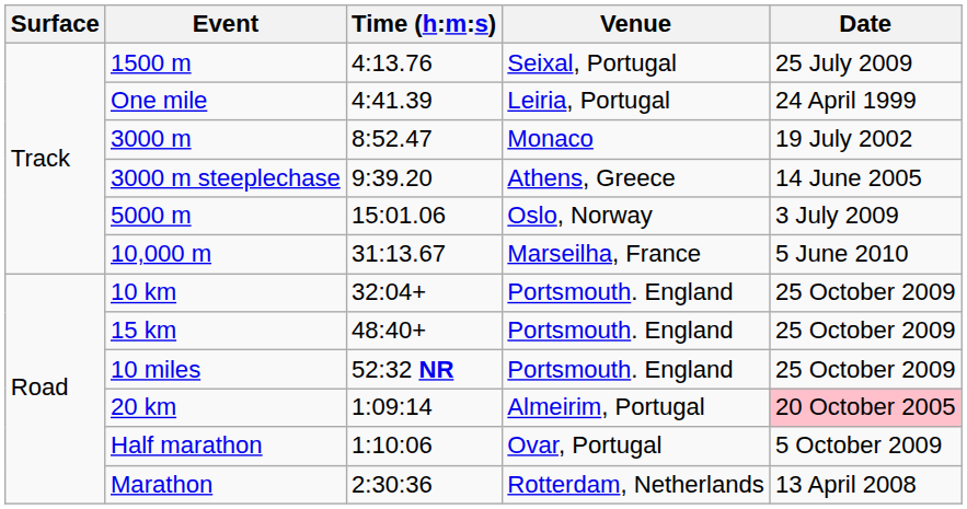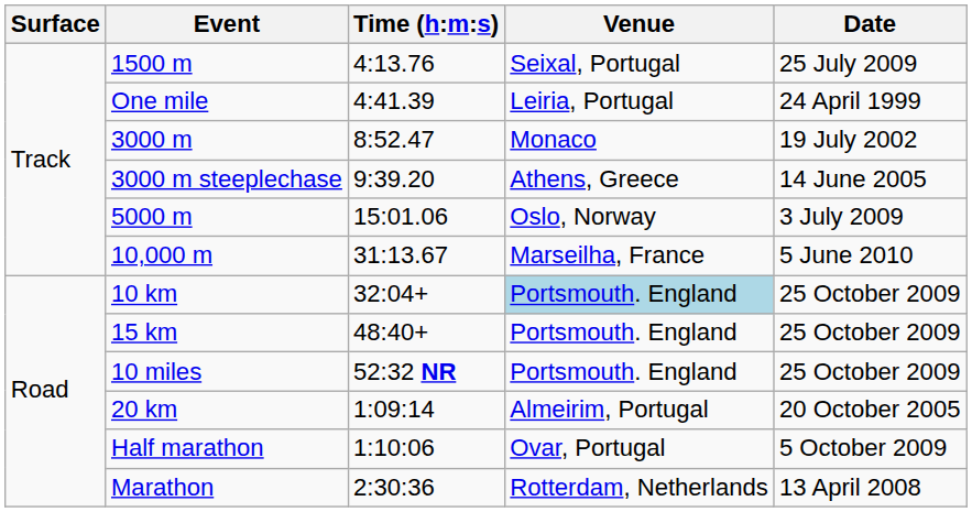 <table class="wikitable">
 <tr>
 <th>Surface</th>
 <th>Event</th>
 <th>Time (<a href='#'>h</a>:<a href='#'>m</a>:<a href='#'>s</a>)</th>
 <th>Venue</th>
 <th>Date</th>
 </tr>
 <tr>
 <td rowspan=6>Track</td>
 <td><a href='#'>1500 m</a></td>
 <td>4:13.76</td>
 <td><a href='#'>Seixal</a>, Portugal</td>
 <td>25 July 2009</td>
 </tr>
 <tr>
 <td><a href='#'>One mile</a></td>
 <td>4:41.39</td>
 <td><a href='#'>Leiria</a>, Portugal</td>
 <td>24 April 1999</td>
 </tr>
 <tr>
 <td><a href='#'>3000 m</a></td>
 <td>8:52.47</td>
 <td><a href='#'>Monaco</a></td>
 <td>19 July 2002</td>
 </tr>
 <tr>
 <td><a href='#'>3000 m steeplechase</a></td>
 <td>9:39.20</td>
 <td><a href='#'>Athens</a>, Greece</td>
 <td>14 June 2005</td>
 </tr>
 <tr>
 <td><a href='#'>5000 m</a></td>
 <td>15:01.06</td>
 <td><a href='#'>Oslo</a>, Norway</td>
 <td>3 July 2009</td>
 </tr>
 <tr>
 <td><a href='#'>10,000 m</a></td>
 <td>31:13.67</td>
 <td><a href='#'>Marseilha</a>, France</td>
 <td>5 June 2010</td>
 </tr>
 <tr>
 <td rowspan=6>Road</td>
 <td><a href='#'>10 km</a></td>
 <td>32:04+</td>
-<td><a href='#'>Portsmouth</a>. England</td>
+<td style="background: lightblue;"><a href='#'>Portsmouth</a>. England</td>
 <td>25 October 2009</td>
 </tr>
 <tr>
 <td><a href='#'>15 km</a></td>
 <td>48:40+</td>
 <td><a href='#'>Portsmouth</a>. England</td>
 <td>25 October 2009</td>
 </tr>
 <tr>
 <td><a href='#'>10 miles</a></td>
 <td>52:32 <strong><a href='#'>NR</a></strong></td>
 <td><a href='#'>Portsmouth</a>. England</td>
 <td>25 October 2009</td>
 </tr>
 <tr>
 <td><a href='#'>20 km</a></td>
 <td>1:09:14</td>
 <td><a href='#'>Almeirim</a>, Portugal</td>
-<td style="background: pink;">20 October 2005</td>
+<td>20 October 2005</td>
 </tr>
 <tr>
 <td><a href='#'>Half marathon</a></td>
 <td>1:10:06</td>
 <td><a href='#'>Ovar</a>, Portugal</td>
 <td>5 October 2009</td>
 </tr>
 <tr>
 <td><a href='#'>Marathon</a></td>
 <td>2:30:36</td>
 <td><a href='#'>Rotterdam</a>, Netherlands</td>
 <td>13 April 2008</td>
 </tr>
 </table>
